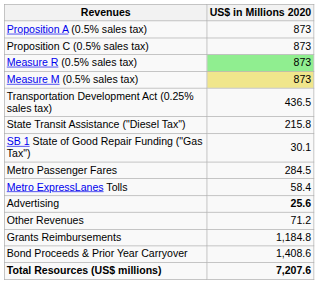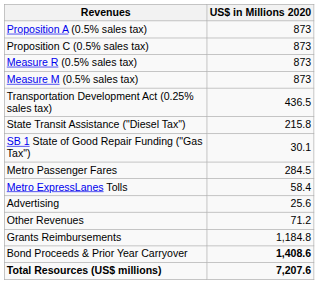 <table class="wikitable">
 <tr>
 <th width="300">Revenues</th>
 <th>US$ in Millions 2020</th>
 </tr>
 <tr>
 <td><a href='#'>Proposition A</a> (0.5% sales tax)</td>
 <td align="right">873</td>
 </tr>
 <tr>
 <td>Proposition C (0.5% sales tax)</td>
 <td align="right">873</td>
 </tr>
 <tr>
 <td><a href='#'>Measure R</a> (0.5% sales tax)</td>
-<td align="right" style="background: lightgreen;">873</td>
+<td align="right">873</td>
 </tr>
 <tr>
 <td><a href='#'>Measure M</a> (0.5% sales tax)</td>
-<td align="right" style="background: khaki;">873</td>
+<td align="right">873</td>
 </tr>
 <tr>
 <td>Transportation Development Act (0.25% sales tax)</td>
 <td align="right">436.5</td>
 </tr>
 <tr>
 <td>State Transit Assistance ("Diesel Tax")</td>
 <td align="right">215.8</td>
 </tr>
 <tr>
 <td><a href='#'>SB 1</a> State of Good Repair Funding ("Gas Tax")</td>
 <td align="right">30.1</td>
 </tr>
 <tr>
 <td>Metro Passenger Fares</td>
 <td align="right">284.5</td>
 </tr>
 <tr>
 <td><a href='#'>Metro ExpressLanes</a> Tolls</td>
 <td align="right">58.4</td>
 </tr>
 <tr>
 <td>Advertising</td>
-<td align="right"><strong>25.6</strong></td>
+<td align="right">25.6</td>
 </tr>
 <tr>
 <td>Other Revenues</td>
 <td align="right">71.2</td>
 </tr>
 <tr>
 <td>Grants Reimbursements</td>
 <td align="right">1,184.8</td>
 </tr>
 <tr>
 <td>Bond Proceeds & Prior Year Carryover</td>
-<td align="right">1,408.6</td>
+<td align="right"><strong>1,408.6</strong></td>
 </tr>
 <tr>
 <td><strong>Total Resources (US$ millions)</strong></td>
 <td align="right"><strong>7,207.6</strong></td>
 </tr>
 </table>
